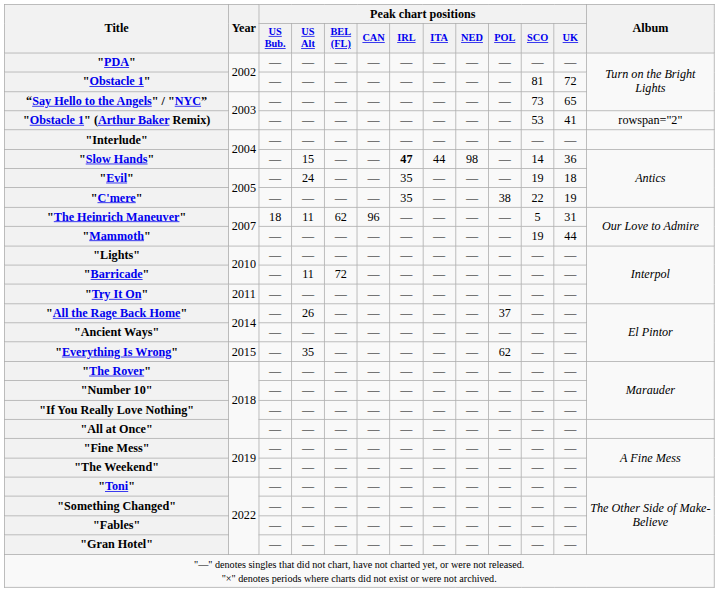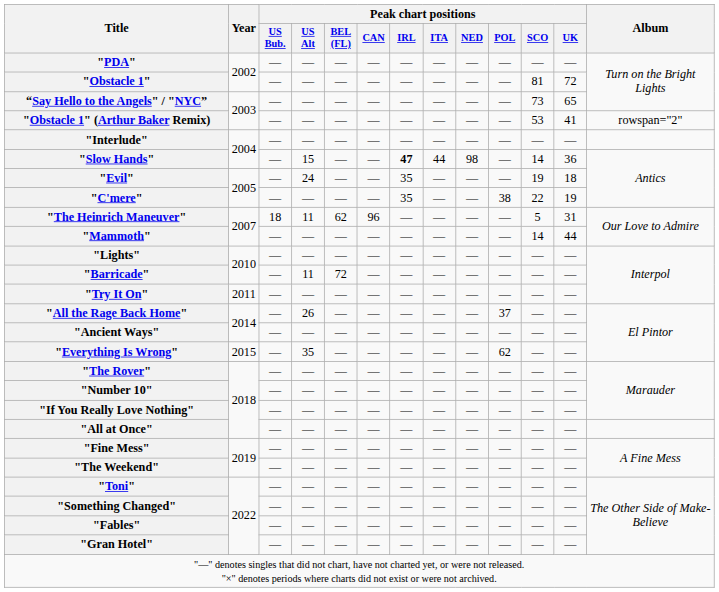 <table class="wikitable plainrowheaders" style="text-align:center;">
 <tr>
 <th scope="col" rowspan="2" style="width:18em;">Title</th>
 <th scope="col" rowspan="2" style="width:2em;">Year</th>
 <th scope="col" colspan="10">Peak chart positions</th>
 <th scope="col" rowspan="2" style="width:10em;">Album</th>
 </tr>
 <tr>
 <th style="width:2.7em;font-size:85%;"><a href='#'>US<br>Bub.</a><br></th>
 <th style="width:2.7em;font-size:85%;"><a href='#'>US<br>Alt</a><br></th>
 <th style="width:2.7em;font-size:85%;"><a href='#'>BEL<br>(FL)</a><br></th>
 <th style="width:2.7em;font-size:85%;"><a href='#'>CAN</a><br></th>
 <th style="width:2.7em;font-size:85%;"><a href='#'>IRL</a><br></th>
 <th style="width:2.7em;font-size:85%;"><a href='#'>ITA</a><br></th>
 <th style="width:2.7em;font-size:85%;"><a href='#'>NED</a><br></th>
 <th style="width:2.7em;font-size:85%;"><a href='#'>POL</a><br></th>
 <th style="width:2.7em;font-size:85%;"><a href='#'>SCO</a><br></th>
 <th style="width:2.7em;font-size:85%;"><a href='#'>UK</a><br></th>
 </tr>
 <tr>
 <th scope="row">"<a href='#'>PDA</a>"</th>
 <td rowspan="2">2002</td>
 <td>—</td>
 <td>—</td>
 <td>—</td>
 <td>—</td>
 <td>—</td>
 <td>—</td>
 <td>—</td>
 <td>—</td>
 <td>—</td>
 <td>—</td>
 <td rowspan="3"><em>Turn on the Bright Lights</em></td>
 </tr>
 <tr>
 <th scope="row">"<a href='#'>Obstacle 1</a>"</th>
 <td>—</td>
 <td>—</td>
 <td>—</td>
 <td>—</td>
 <td>—</td>
 <td>—</td>
 <td>—</td>
 <td>—</td>
 <td>81</td>
 <td>72</td>
 </tr>
 <tr>
 <th scope="row">“<a href='#'>Say Hello to the Angels</a>" / "<a href='#'>NYC</a>”</th>
 <td rowspan="2">2003</td>
 <td>—</td>
 <td>—</td>
 <td>—</td>
 <td>—</td>
 <td>—</td>
 <td>—</td>
 <td>—</td>
 <td>—</td>
 <td>73</td>
 <td>65</td>
 </tr>
 <tr>
 <th scope="row">"<a href='#'>Obstacle 1</a>" (<a href='#'>Arthur Baker</a> Remix)</th>
 <td>—</td>
 <td>—</td>
 <td>—</td>
 <td>—</td>
 <td>—</td>
 <td>—</td>
 <td>—</td>
 <td>—</td>
 <td>53</td>
 <td>41</td>
 <td>rowspan="2" </td>
 </tr>
 <tr>
 <th scope="row">"Interlude"</th>
 <td rowspan="2">2004</td>
 <td>—</td>
 <td>—</td>
 <td>—</td>
 <td>—</td>
 <td>—</td>
 <td>—</td>
 <td>—</td>
 <td>—</td>
 <td>—</td>
 <td>—</td>
 </tr>
 <tr>
 <th scope="row">"<a href='#'>Slow Hands</a>"</th>
 <td>—</td>
 <td>15</td>
 <td>—</td>
 <td>—</td>
 <td><strong>47</strong></td>
 <td>44</td>
 <td>98</td>
 <td>—</td>
 <td>14</td>
 <td>36</td>
 <td rowspan="3"><em>Antics</em></td>
 </tr>
 <tr>
 <th scope="row">"<a href='#'>Evil</a>"</th>
 <td rowspan="2">2005</td>
 <td>—</td>
 <td>24</td>
 <td>—</td>
 <td>—</td>
 <td>35</td>
 <td>—</td>
 <td>—</td>
 <td>—</td>
 <td>19</td>
 <td>18</td>
 </tr>
 <tr>
 <th scope="row">"<a href='#'>C'mere</a>"</th>
 <td>—</td>
 <td>—</td>
 <td>—</td>
 <td>—</td>
 <td>35</td>
 <td>—</td>
 <td>—</td>
 <td>38</td>
 <td>22</td>
 <td>19</td>
 </tr>
 <tr>
 <th scope="row">"<a href='#'>The Heinrich Maneuver</a>"</th>
 <td style="text-align:center;" rowspan="2">2007</td>
 <td>18</td>
 <td>11</td>
 <td>62</td>
 <td>96</td>
 <td>—</td>
 <td>—</td>
 <td>—</td>
 <td>—</td>
 <td>5</td>
 <td>31</td>
 <td rowspan="2"><em>Our Love to Admire</em></td>
 </tr>
 <tr>
 <th scope="row">"<a href='#'>Mammoth</a>"</th>
 <td>—</td>
 <td>—</td>
 <td>—</td>
 <td>—</td>
 <td>—</td>
 <td>—</td>
 <td>—</td>
 <td>—</td>
-<td>19</td>
+<td>14</td>
 <td>44</td>
 </tr>
 <tr>
 <th scope="row">"Lights"</th>
 <td rowspan="2">2010</td>
 <td>—</td>
 <td>—</td>
 <td>—</td>
 <td>—</td>
 <td>—</td>
 <td>—</td>
 <td>—</td>
 <td>—</td>
 <td>—</td>
 <td>—</td>
 <td rowspan="3"><em>Interpol</em></td>
 </tr>
 <tr>
 <th scope="row">"<a href='#'>Barricade</a>"</th>
 <td>—</td>
 <td>11</td>
 <td>72</td>
 <td>—</td>
 <td>—</td>
 <td>—</td>
 <td>—</td>
 <td>—</td>
 <td>—</td>
 <td>—</td>
 </tr>
 <tr>
 <th scope="row">"<a href='#'>Try It On</a>"</th>
 <td>2011</td>
 <td>—</td>
 <td>—</td>
 <td>—</td>
 <td>—</td>
 <td>—</td>
 <td>—</td>
 <td>—</td>
 <td>—</td>
 <td>—</td>
 <td>—</td>
 </tr>
 <tr>
 <th scope="row">"<a href='#'>All the Rage Back Home</a>"</th>
 <td rowspan="2">2014</td>
 <td>—</td>
 <td>26</td>
 <td>—</td>
 <td>—</td>
 <td>—</td>
 <td>—</td>
 <td>—</td>
 <td>37</td>
 <td>—</td>
 <td>—</td>
 <td rowspan="3"><em>El Pintor</em></td>
 </tr>
 <tr>
 <th scope="row">"Ancient Ways"</th>
 <td>—</td>
 <td>—</td>
 <td>—</td>
 <td>—</td>
 <td>—</td>
 <td>—</td>
 <td>—</td>
 <td>—</td>
 <td>—</td>
 <td>—</td>
 </tr>
 <tr>
 <th scope="row">"<a href='#'>Everything Is Wrong</a>"</th>
 <td>2015</td>
 <td>—</td>
 <td>35</td>
 <td>—</td>
 <td>—</td>
 <td>—</td>
 <td>—</td>
 <td>—</td>
 <td>62</td>
 <td>—</td>
 <td>—</td>
 </tr>
 <tr>
 <th scope="row">"<a href='#'>The Rover</a>"</th>
 <td rowspan="4">2018</td>
 <td>—</td>
 <td>—</td>
 <td>—</td>
 <td>—</td>
 <td>—</td>
 <td>—</td>
 <td>—</td>
 <td>—</td>
 <td>—</td>
 <td>—</td>
 <td rowspan="3"><em>Marauder</em></td>
 </tr>
 <tr>
 <th scope="row">"Number 10"</th>
 <td>—</td>
 <td>—</td>
 <td>—</td>
 <td>—</td>
 <td>—</td>
 <td>—</td>
 <td>—</td>
 <td>—</td>
 <td>—</td>
 <td>—</td>
 </tr>
 <tr>
 <th scope="row">"If You Really Love Nothing"</th>
 <td>—</td>
 <td>—</td>
 <td>—</td>
 <td>—</td>
 <td>—</td>
 <td>—</td>
 <td>—</td>
 <td>—</td>
 <td>—</td>
 <td>—</td>
 </tr>
 <tr>
 <th scope="row">"All at Once"</th>
 <td>—</td>
 <td>—</td>
 <td>—</td>
 <td>—</td>
 <td>—</td>
 <td>—</td>
 <td>—</td>
 <td>—</td>
 <td>—</td>
 <td>—</td>
 <td></td>
 </tr>
 <tr>
 <th scope="row">"Fine Mess"</th>
 <td rowspan="2">2019</td>
 <td>—</td>
 <td>—</td>
 <td>—</td>
 <td>—</td>
 <td>—</td>
 <td>—</td>
 <td>—</td>
 <td>—</td>
 <td>—</td>
 <td>—</td>
 <td rowspan="2"><em>A Fine Mess</em></td>
 </tr>
 <tr>
 <th scope="row">"The Weekend"</th>
 <td>—</td>
 <td>—</td>
 <td>—</td>
 <td>—</td>
 <td>—</td>
 <td>—</td>
 <td>—</td>
 <td>—</td>
 <td>—</td>
 <td>—</td>
 </tr>
 <tr>
 <th scope="row">"<a href='#'>Toni</a>"</th>
 <td rowspan="4">2022</td>
 <td>—</td>
 <td>—</td>
 <td>—</td>
 <td>—</td>
 <td>—</td>
 <td>—</td>
 <td>—</td>
 <td>—</td>
 <td>—</td>
 <td>—</td>
 <td rowspan="4"><em>The Other Side of Make-Believe</em></td>
 </tr>
 <tr>
 <th scope="row">"Something Changed"</th>
 <td>—</td>
 <td>—</td>
 <td>—</td>
 <td>—</td>
 <td>—</td>
 <td>—</td>
 <td>—</td>
 <td>—</td>
 <td>—</td>
 <td>—</td>
 </tr>
 <tr>
 <th scope="row">"Fables"</th>
 <td>—</td>
 <td>—</td>
 <td>—</td>
 <td>—</td>
 <td>—</td>
 <td>—</td>
 <td>—</td>
 <td>—</td>
 <td>—</td>
 <td>—</td>
 </tr>
 <tr>
 <th scope="row">"Gran Hotel"</th>
 <td>—</td>
 <td>—</td>
 <td>—</td>
 <td>—</td>
 <td>—</td>
 <td>—</td>
 <td>—</td>
 <td>—</td>
 <td>—</td>
 <td>—</td>
 </tr>
 <tr>
 <td colspan="15"><small>"—" denotes singles that did not chart, have not charted yet, or were not released.<br>"×" denotes periods where charts did not exist or were not archived.</small></td>
 </tr>
 </table>
